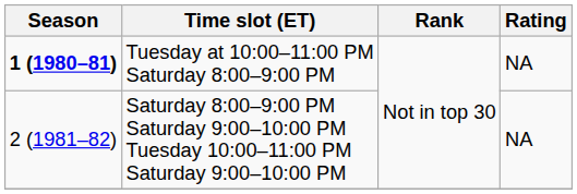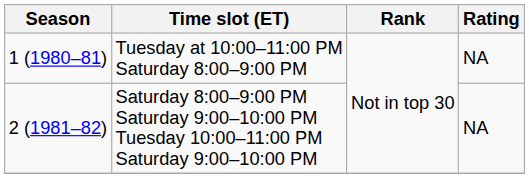 <table class="wikitable">
 <tr>
 <th>Season</th>
 <th>Time slot (ET)</th>
 <th>Rank</th>
 <th>Rating</th>
 </tr>
 <tr>
-<td><strong>1 (<a href='#'>1980–81</a>)</strong></td>
+<td>1 (<a href='#'>1980–81</a>)</td>
 <td>Tuesday at 10:00–11:00 PM <br>Saturday 8:00–9:00 PM </td>
 <td rowspan="2">Not in top 30</td>
 <td>NA</td>
 </tr>
 <tr>
 <td>2 (<a href='#'>1981–82</a>)</td>
 <td>Saturday 8:00–9:00 PM <br>Saturday 9:00–10:00 PM <br>Tuesday 10:00–11:00 PM <br>Saturday 9:00–10:00 PM </td>
 <td>NA</td>
 </tr>
 <tr>
 </tr>
 </table>
